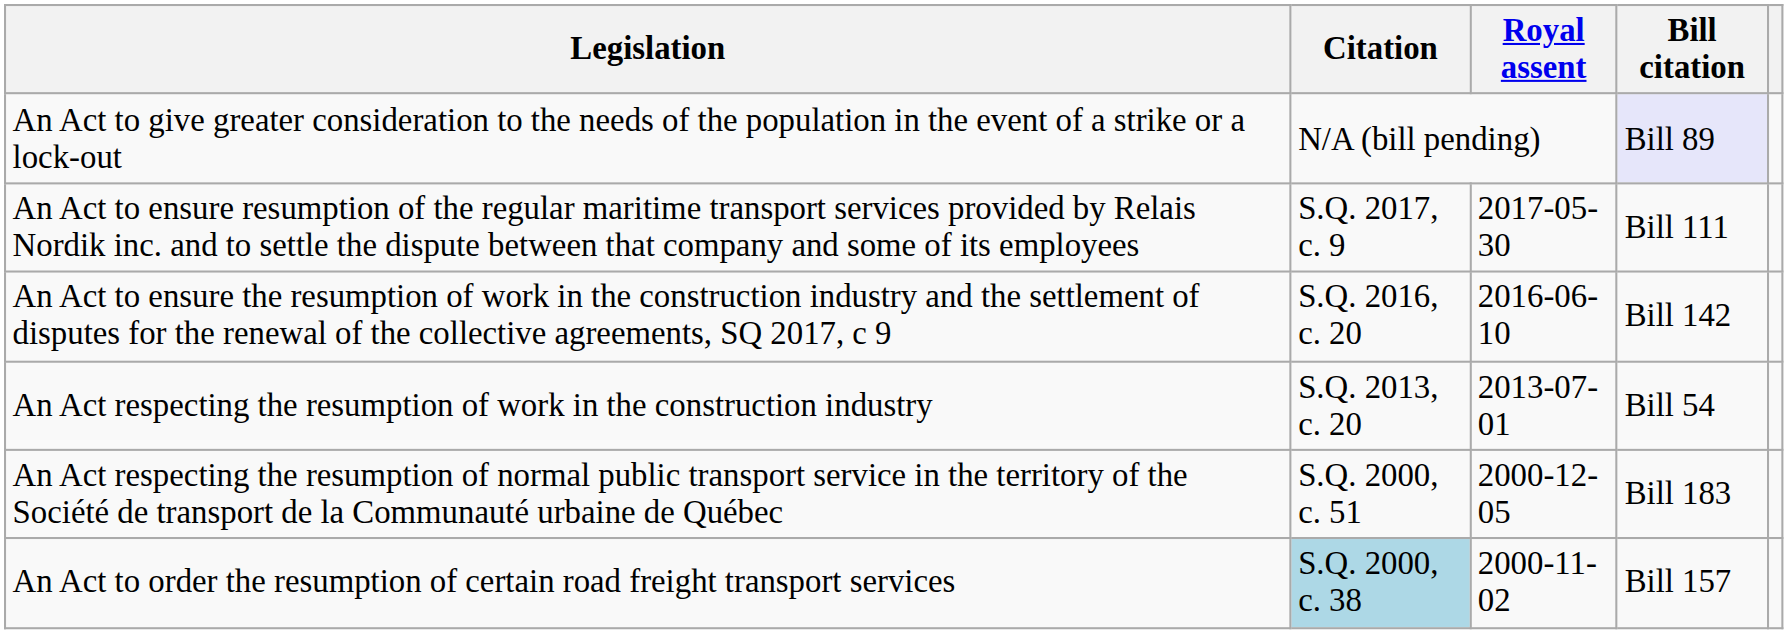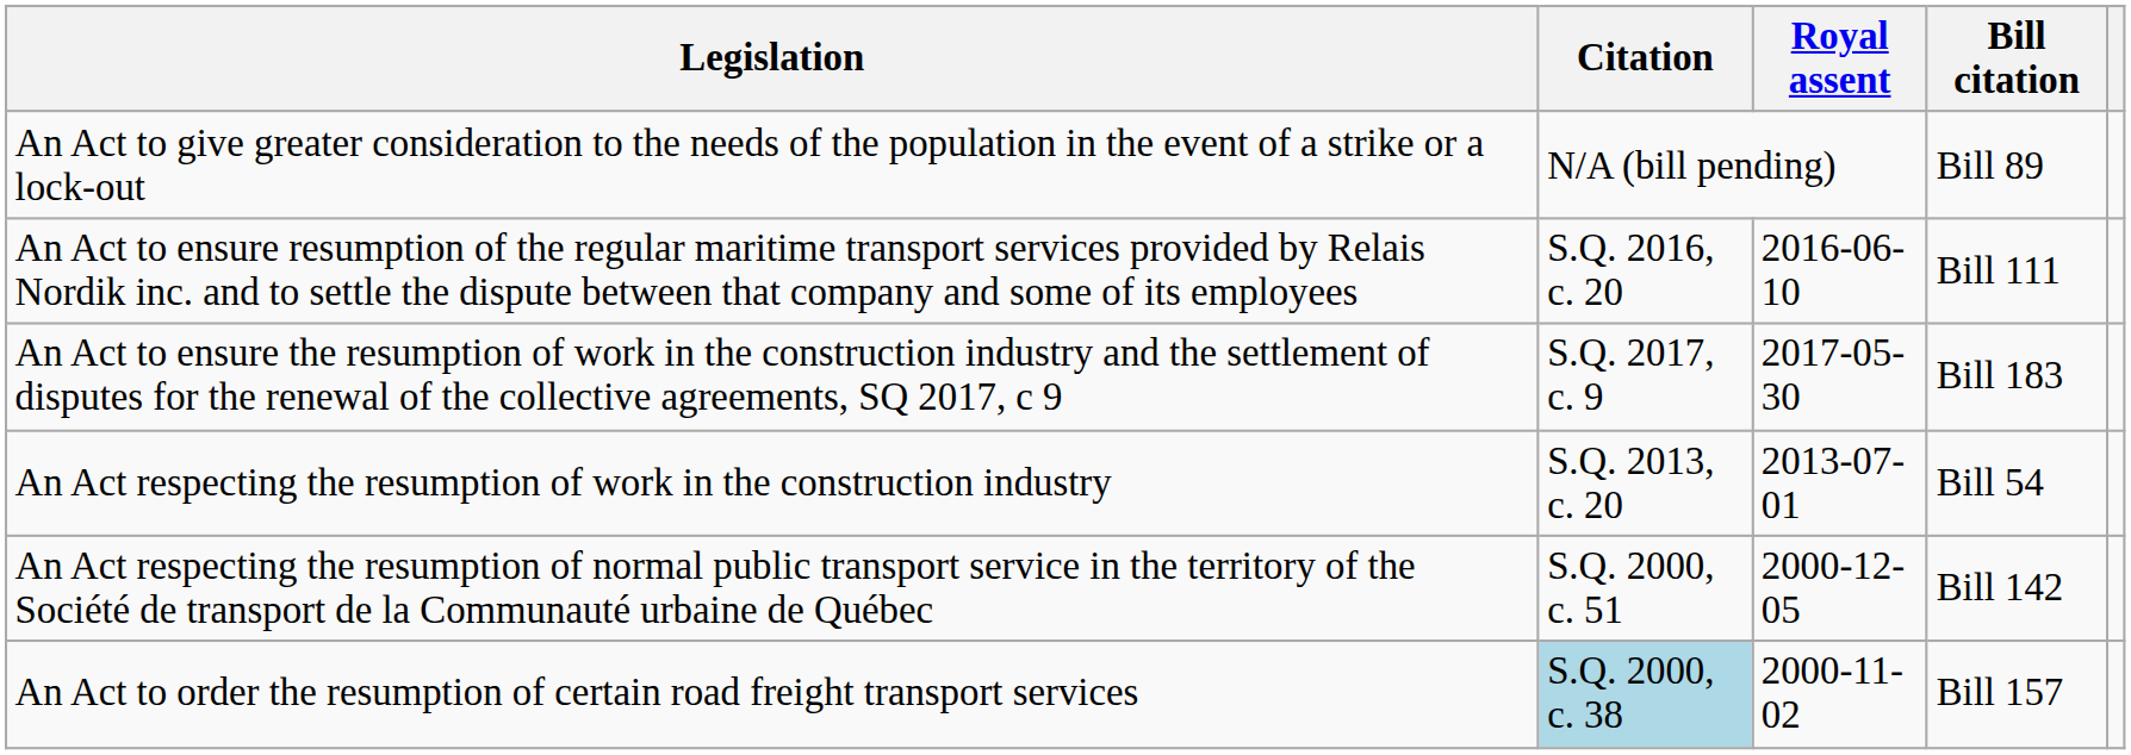 <table class="wikitable sortable">
 <tr>
 <th>Legislation</th>
 <th>Citation</th>
 <th><a href='#'>Royal assent</a></th>
 <th>Bill citation</th>
 <th></th>
 </tr>
 <tr>
 <td>An Act to give greater consideration to the needs of the population in the event of a strike or a lock-out</td>
 <td colspan="2">N/A (bill pending)</td>
-<td style="background: lavender;">Bill 89</td>
+<td>Bill 89</td>
 <td></td>
 </tr>
 <tr>
 <td>An Act to ensure resumption of the regular maritime transport services provided by Relais Nordik inc. and to settle the dispute between that company and some of its employees</td>
-<td>S.Q. 2017, c. 9</td>
-<td>2017-05-30</td>
+<td>S.Q. 2016, c. 20</td>
+<td>2016-06-10</td>
 <td>Bill 111</td>
 <td></td>
 </tr>
 <tr>
 <td>An Act to ensure the resumption of work in the construction industry and the settlement of disputes for the renewal of the collective agreements, SQ 2017, c 9</td>
-<td>S.Q. 2016, c. 20</td>
-<td>2016-06-10</td>
-<td>Bill 142</td>
+<td>S.Q. 2017, c. 9</td>
+<td>2017-05-30</td>
+<td>Bill 183</td>
 <td></td>
 </tr>
 <tr>
 <td>An Act respecting the resumption of work in the construction industry</td>
 <td>S.Q. 2013, c. 20</td>
 <td>2013-07-01</td>
 <td>Bill 54</td>
 <td></td>
 </tr>
 <tr>
 <td>An Act respecting the resumption of normal public transport service in the territory of the Société de transport de la Communauté urbaine de Québec</td>
 <td>S.Q. 2000, c. 51</td>
 <td>2000-12-05</td>
-<td>Bill 183</td>
+<td>Bill 142</td>
 <td></td>
 </tr>
 <tr>
 <td>An Act to order the resumption of certain road freight transport services</td>
 <td style="background: lightblue;">S.Q. 2000, c. 38</td>
 <td>2000-11-02</td>
 <td>Bill 157</td>
 <td></td>
 </tr>
 </table>
